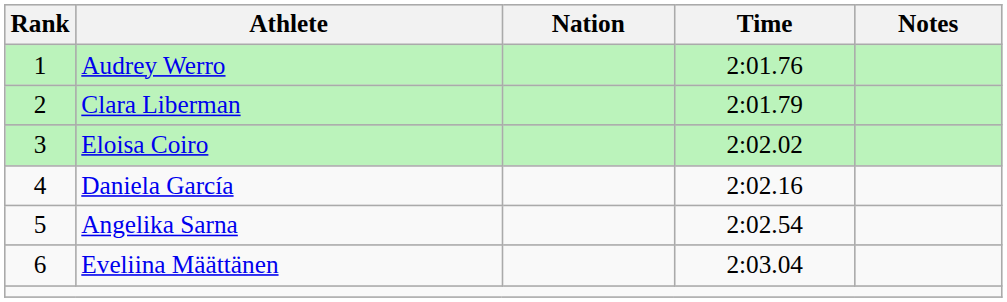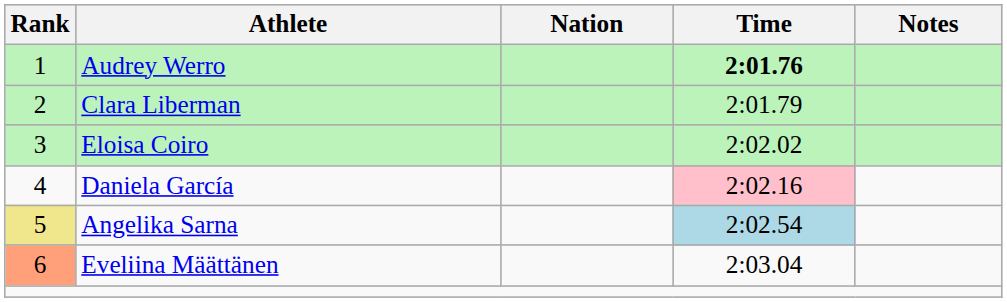 <table class="wikitable sortable" style="text-align:center;width: 50%;">
 <tr>
 <th scope="col" style="width: 10px;">Rank</th>
 <th scope="col">Athlete</th>
 <th scope="col">Nation</th>
 <th scope="col">Time</th>
 <th scope="col">Notes</th>
 </tr>
 <tr bgcolor=bbf3bb>
 <td>1</td>
 <td align=left><a href='#'>Audrey Werro</a></td>
 <td align=left></td>
-<td>2:01.76</td>
+<td><strong>2:01.76</strong></td>
 <td></td>
 </tr>
 <tr bgcolor=bbf3bb>
 <td>2</td>
 <td align=left><a href='#'>Clara Liberman</a></td>
 <td align=left></td>
 <td>2:01.79</td>
 <td></td>
 </tr>
 <tr bgcolor=bbf3bb>
 <td>3</td>
 <td align=left><a href='#'>Eloisa Coiro</a></td>
 <td align=left></td>
 <td>2:02.02</td>
 <td></td>
 </tr>
 <tr>
 <td>4</td>
 <td align=left><a href='#'>Daniela García</a></td>
 <td align=left></td>
-<td>2:02.16</td>
+<td style="background: pink;">2:02.16</td>
 <td></td>
 </tr>
 <tr>
-<td>5</td>
+<td style="background: khaki;">5</td>
 <td align=left><a href='#'>Angelika Sarna</a></td>
 <td align=left></td>
-<td>2:02.54</td>
+<td style="background: lightblue;">2:02.54</td>
 <td></td>
 </tr>
 <tr>
-<td>6</td>
+<td style="background: lightsalmon;">6</td>
 <td align=left><a href='#'>Eveliina Määttänen</a></td>
 <td align=left></td>
 <td>2:03.04</td>
 <td></td>
 </tr>
 <tr class="sortbottom">
 <td colspan="5"></td>
 </tr>
 </table>
